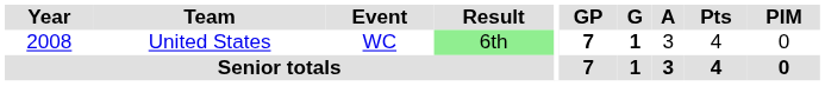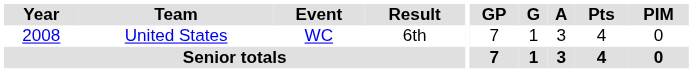 <table border="0" cellpadding="1" cellspacing="0" ID="Table3" style="text-align:center; width:40em">
 <tr ALIGN="center" bgcolor="#e0e0e0">
 <th>Year</th>
 <th>Team</th>
 <th>Event</th>
 <th>Result</th>
 <th rowspan="99" bgcolor="#ffffff"></th>
 <th>GP</th>
 <th>G</th>
 <th>A</th>
 <th>Pts</th>
 <th>PIM</th>
 </tr>
 <tr>
 <td><a href='#'>2008</a></td>
 <td><a href='#'>United States</a></td>
 <td><a href='#'>WC</a></td>
-<td style="background: lightgreen;">6th</td>
-<td><strong>7</strong></td>
-<td><strong>1</strong></td>
+<td>6th</td>
+<td>7</td>
+<td>1</td>
 <td>3</td>
 <td>4</td>
 <td>0</td>
 </tr>
 <tr bgcolor="#e0e0e0">
 <th colspan=4>Senior totals</th>
 <th>7</th>
 <th>1</th>
 <th>3</th>
 <th>4</th>
 <th>0</th>
 </tr>
 </table>
